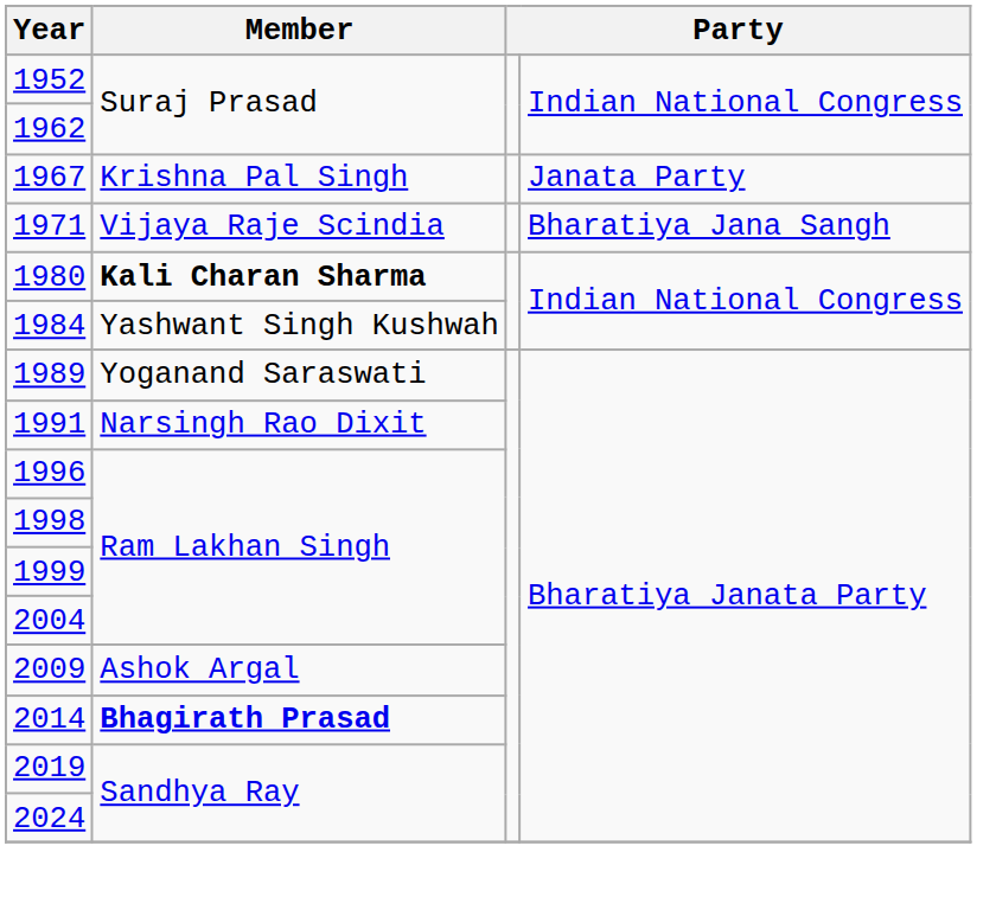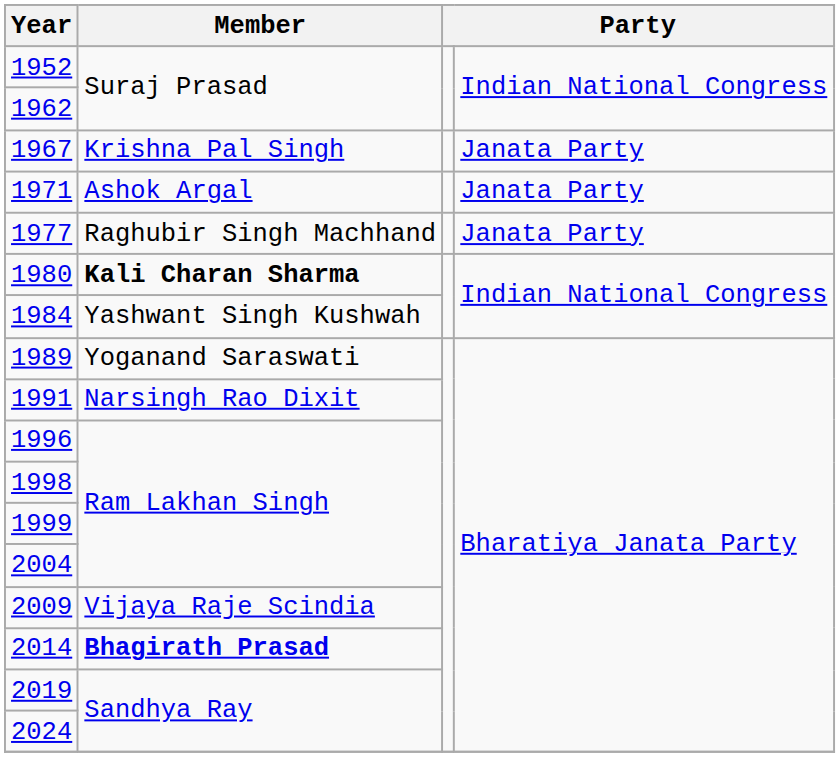 <table class="wikitable">
 <tr>
 <th>Year</th>
 <th>Member</th>
 <th colspan=2>Party</th>
 </tr>
 <tr>
 <td><a href='#'>1952</a></td>
 <td rowspan="2">Suraj Prasad</td>
 <td rowspan="2" style="background-color: "></td>
 <td rowspan="2"><a href='#'>Indian National Congress</a></td>
 </tr>
 <tr>
 <td><a href='#'>1962</a></td>
 </tr>
 <tr>
 <td><a href='#'>1967</a></td>
 <td><a href='#'>Krishna Pal Singh</a></td>
 <td style="background-color: "></td>
 <td><a href='#'>Janata Party</a></td>
 </tr>
 <tr>
 <td><a href='#'>1971</a></td>
-<td><a href='#'>Vijaya Raje Scindia</a></td>
+<td><a href='#'>Ashok Argal</a></td>
 <td style="background-color: "></td>
-<td><a href='#'>Bharatiya Jana Sangh</a></td>
+<td><a href='#'>Janata Party</a></td>
+</tr>
+<tr>
+<td><a href='#'>1977</a></td>
+<td>Raghubir Singh Machhand</td>
+<td style="background-color: "></td>
+<td><a href='#'>Janata Party</a></td>
 </tr>
 <tr>
 <td><a href='#'>1980</a></td>
 <td><strong>Kali Charan Sharma</strong></td>
 <td rowspan=2 style="background-color: "></td>
 <td rowspan=2><a href='#'>Indian National Congress</a></td>
 </tr>
 <tr>
 <td><a href='#'>1984</a></td>
 <td>Yashwant Singh Kushwah</td>
 </tr>
 <tr>
 <td><a href='#'>1989</a></td>
 <td>Yoganand Saraswati</td>
 <td rowspan="10" style="background-color: "></td>
 <td rowspan="10"><a href='#'>Bharatiya Janata Party</a></td>
 </tr>
 <tr>
 <td><a href='#'>1991</a></td>
 <td><a href='#'>Narsingh Rao Dixit</a></td>
 </tr>
 <tr>
 <td><a href='#'>1996</a></td>
 <td rowspan="4"><a href='#'>Ram Lakhan Singh</a></td>
 </tr>
 <tr>
 <td><a href='#'>1998</a></td>
 </tr>
 <tr>
 <td><a href='#'>1999</a></td>
 </tr>
 <tr>
 <td><a href='#'>2004</a></td>
 </tr>
 <tr>
 <td><a href='#'>2009</a></td>
-<td><a href='#'>Ashok Argal</a></td>
+<td><a href='#'>Vijaya Raje Scindia</a></td>
 </tr>
 <tr>
 <td><a href='#'>2014</a></td>
 <td><strong><a href='#'>Bhagirath Prasad</a></strong></td>
 </tr>
 <tr>
 <td><a href='#'>2019</a></td>
 <td rowspan="2"><a href='#'>Sandhya Ray</a></td>
 </tr>
 <tr>
 <td><a href='#'>2024</a></td>
 </tr>
 <tr>
 </tr>
 </table>
